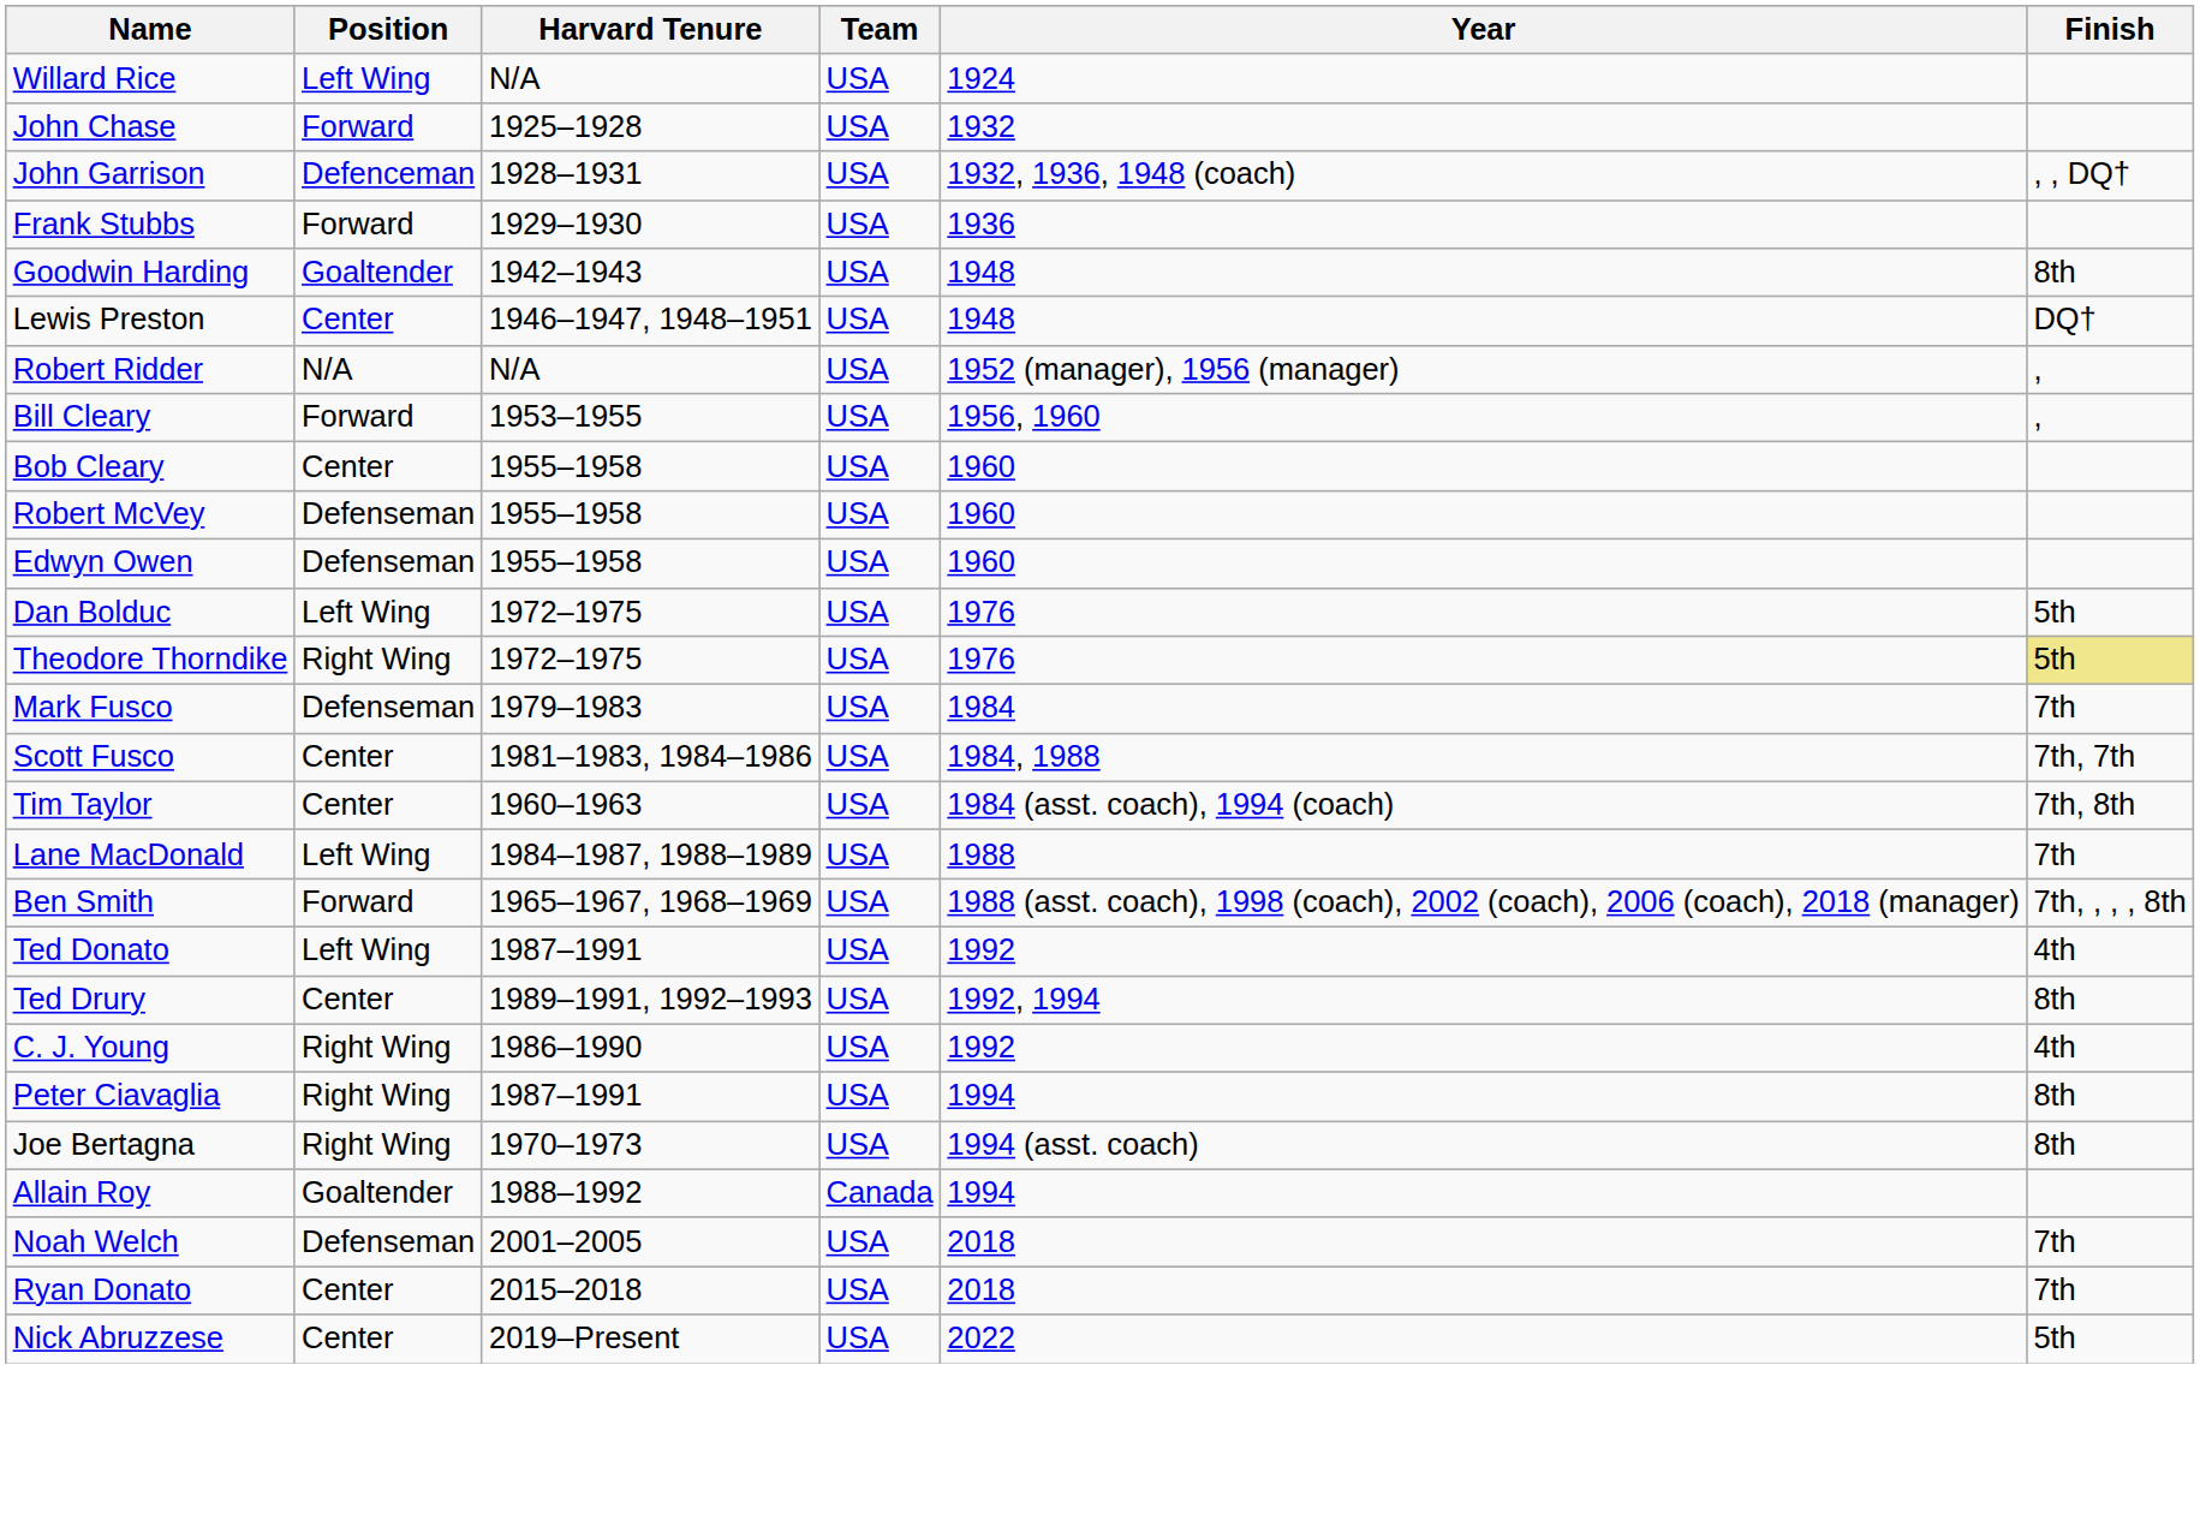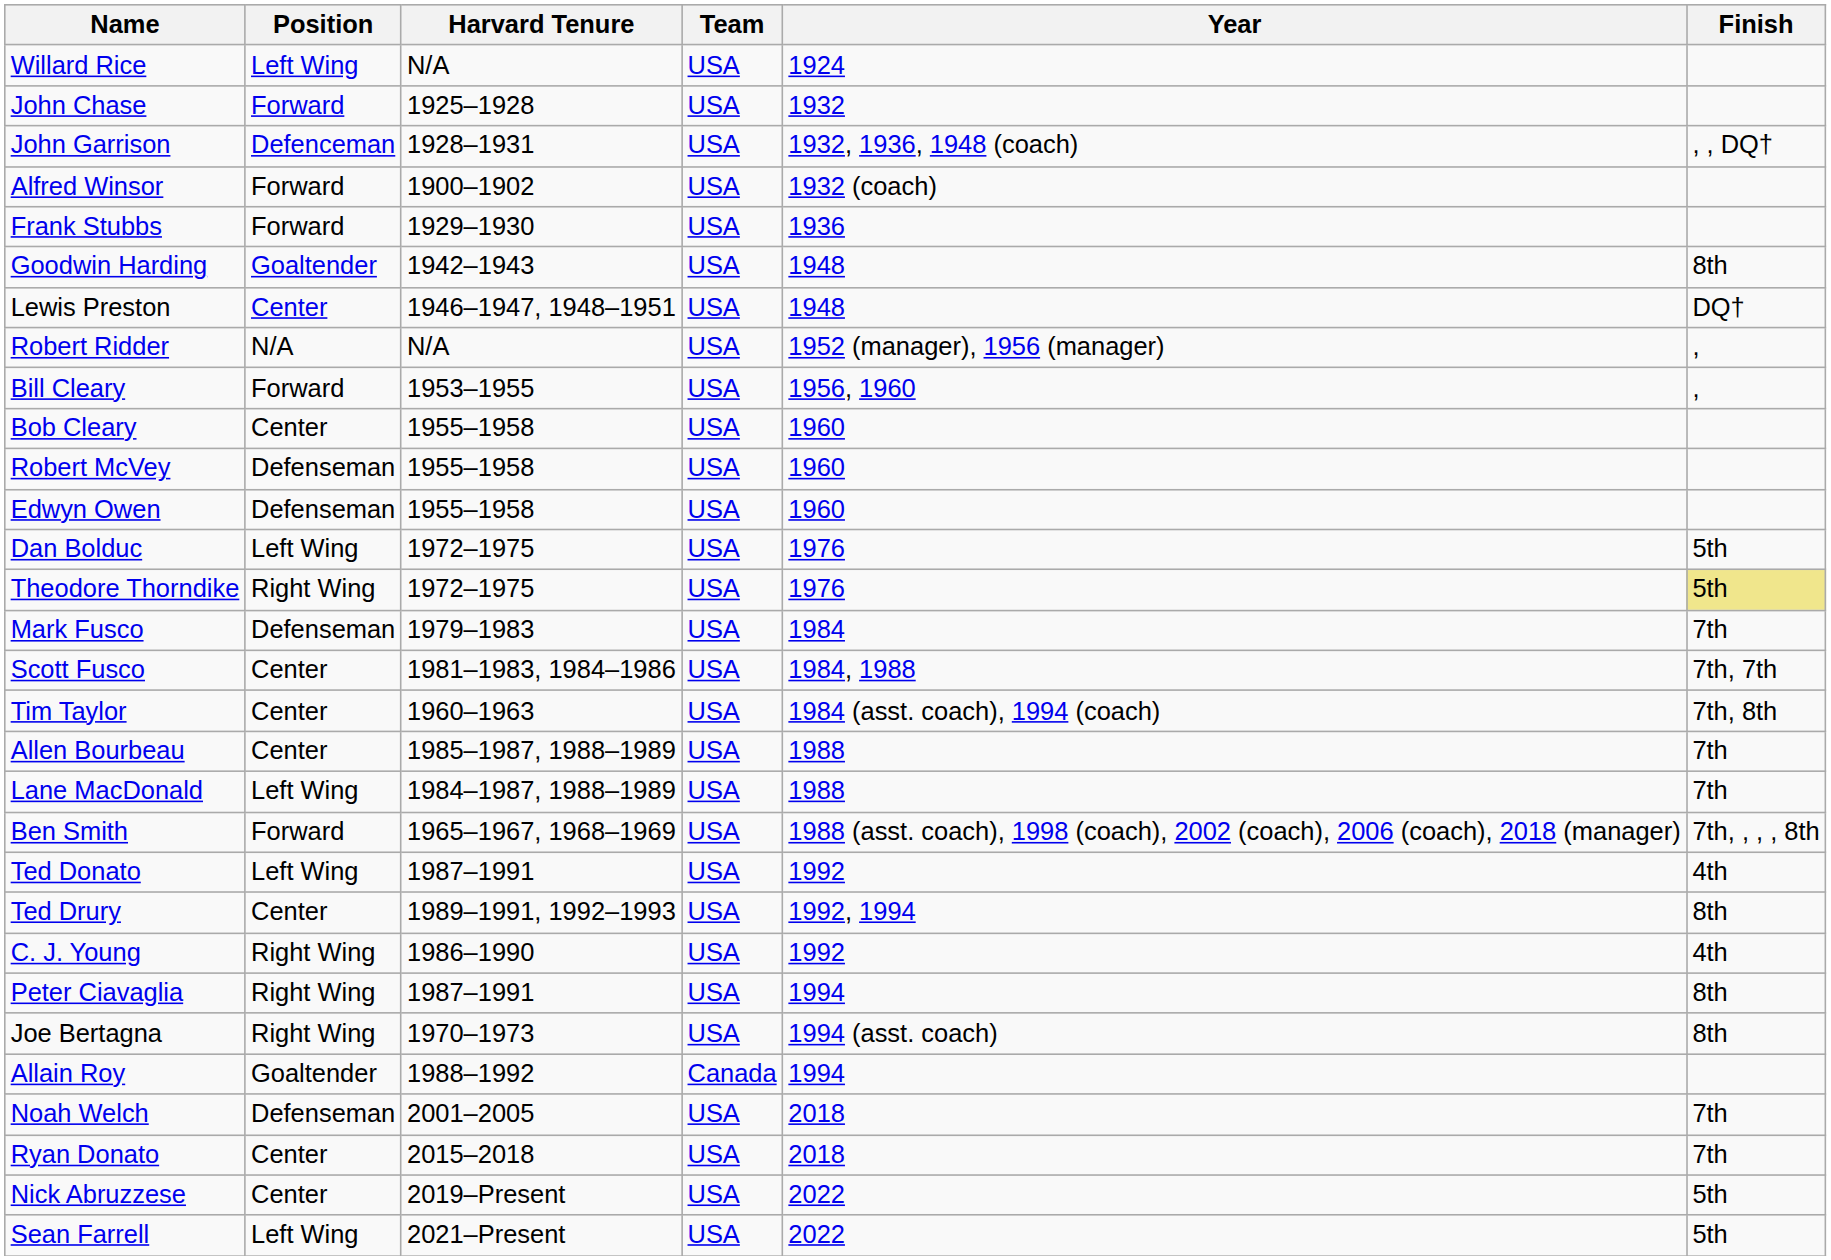 <table class= "wikitable sortable">
 <tr>
 <th>Name</th>
 <th>Position</th>
 <th>Harvard Tenure</th>
 <th>Team</th>
 <th>Year</th>
 <th>Finish</th>
 </tr>
 <tr>
 <td><a href='#'>Willard Rice</a></td>
 <td><a href='#'>Left Wing</a></td>
 <td>N/A</td>
 <td> <a href='#'>USA</a></td>
 <td><a href='#'>1924</a></td>
 <td></td>
 </tr>
 <tr>
 <td><a href='#'>John Chase</a></td>
 <td><a href='#'>Forward</a></td>
 <td>1925–1928</td>
 <td> <a href='#'>USA</a></td>
 <td><a href='#'>1932</a></td>
 <td></td>
 </tr>
 <tr>
 <td><a href='#'>John Garrison</a></td>
 <td><a href='#'>Defenceman</a></td>
 <td>1928–1931</td>
 <td> <a href='#'>USA</a></td>
 <td><a href='#'>1932</a>, <a href='#'>1936</a>, <a href='#'>1948</a> (coach)</td>
 <td>, , DQ†</td>
+</tr>
+<tr>
+<td><a href='#'>Alfred Winsor</a></td>
+<td>Forward</td>
+<td>1900–1902</td>
+<td> <a href='#'>USA</a></td>
+<td><a href='#'>1932</a> (coach)</td>
+<td></td>
 </tr>
 <tr>
 <td><a href='#'>Frank Stubbs</a></td>
 <td>Forward</td>
 <td>1929–1930</td>
 <td> <a href='#'>USA</a></td>
 <td><a href='#'>1936</a></td>
 <td></td>
 </tr>
 <tr>
 <td><a href='#'>Goodwin Harding</a></td>
 <td><a href='#'>Goaltender</a></td>
 <td>1942–1943</td>
 <td> <a href='#'>USA</a></td>
 <td><a href='#'>1948</a></td>
 <td>8th</td>
 </tr>
 <tr>
 <td>Lewis Preston</td>
 <td><a href='#'>Center</a></td>
 <td>1946–1947, 1948–1951</td>
 <td> <a href='#'>USA</a></td>
 <td><a href='#'>1948</a></td>
 <td>DQ†</td>
 </tr>
 <tr>
 <td><a href='#'>Robert Ridder</a></td>
 <td>N/A</td>
 <td>N/A</td>
 <td> <a href='#'>USA</a></td>
 <td><a href='#'>1952</a> (manager), <a href='#'>1956</a> (manager)</td>
 <td>, </td>
 </tr>
 <tr>
 <td><a href='#'>Bill Cleary</a></td>
 <td>Forward</td>
 <td>1953–1955</td>
 <td> <a href='#'>USA</a></td>
 <td><a href='#'>1956</a>, <a href='#'>1960</a></td>
 <td>, </td>
 </tr>
 <tr>
 <td><a href='#'>Bob Cleary</a></td>
 <td>Center</td>
 <td>1955–1958</td>
 <td> <a href='#'>USA</a></td>
 <td><a href='#'>1960</a></td>
 <td></td>
 </tr>
 <tr>
 <td><a href='#'>Robert McVey</a></td>
 <td>Defenseman</td>
 <td>1955–1958</td>
 <td> <a href='#'>USA</a></td>
 <td><a href='#'>1960</a></td>
 <td></td>
 </tr>
 <tr>
 <td><a href='#'>Edwyn Owen</a></td>
 <td>Defenseman</td>
 <td>1955–1958</td>
 <td> <a href='#'>USA</a></td>
 <td><a href='#'>1960</a></td>
 <td></td>
 </tr>
 <tr>
 <td><a href='#'>Dan Bolduc</a></td>
 <td>Left Wing</td>
 <td>1972–1975</td>
 <td> <a href='#'>USA</a></td>
 <td><a href='#'>1976</a></td>
 <td>5th</td>
 </tr>
 <tr>
 <td><a href='#'>Theodore Thorndike</a></td>
 <td>Right Wing</td>
 <td>1972–1975</td>
 <td> <a href='#'>USA</a></td>
 <td><a href='#'>1976</a></td>
 <td style="background: khaki;">5th</td>
 </tr>
 <tr>
 <td><a href='#'>Mark Fusco</a></td>
 <td>Defenseman</td>
 <td>1979–1983</td>
 <td> <a href='#'>USA</a></td>
 <td><a href='#'>1984</a></td>
 <td>7th</td>
 </tr>
 <tr>
 <td><a href='#'>Scott Fusco</a></td>
 <td>Center</td>
 <td>1981–1983, 1984–1986</td>
 <td> <a href='#'>USA</a></td>
 <td><a href='#'>1984</a>, <a href='#'>1988</a></td>
 <td>7th, 7th</td>
 </tr>
 <tr>
 <td><a href='#'>Tim Taylor</a></td>
 <td>Center</td>
 <td>1960–1963</td>
 <td> <a href='#'>USA</a></td>
 <td><a href='#'>1984</a> (asst. coach), <a href='#'>1994</a> (coach)</td>
 <td>7th, 8th</td>
 </tr>
 <tr>
+<td><a href='#'>Allen Bourbeau</a></td>
+<td>Center</td>
+<td>1985–1987, 1988–1989</td>
+<td> <a href='#'>USA</a></td>
+<td><a href='#'>1988</a></td>
+<td>7th</td>
+</tr>
+<tr>
 <td><a href='#'>Lane MacDonald</a></td>
 <td>Left Wing</td>
 <td>1984–1987, 1988–1989</td>
 <td> <a href='#'>USA</a></td>
 <td><a href='#'>1988</a></td>
 <td>7th</td>
 </tr>
 <tr>
 <td><a href='#'>Ben Smith</a></td>
 <td>Forward</td>
 <td>1965–1967, 1968–1969</td>
 <td> <a href='#'>USA</a></td>
 <td><a href='#'>1988</a> (asst. coach), <a href='#'>1998</a> (coach), <a href='#'>2002</a> (coach), <a href='#'>2006</a> (coach), <a href='#'>2018</a> (manager)</td>
 <td>7th, , , , 8th</td>
 </tr>
 <tr>
 <td><a href='#'>Ted Donato</a></td>
 <td>Left Wing</td>
 <td>1987–1991</td>
 <td> <a href='#'>USA</a></td>
 <td><a href='#'>1992</a></td>
 <td>4th</td>
 </tr>
 <tr>
 <td><a href='#'>Ted Drury</a></td>
 <td>Center</td>
 <td>1989–1991, 1992–1993</td>
 <td> <a href='#'>USA</a></td>
 <td><a href='#'>1992</a>, <a href='#'>1994</a></td>
 <td>8th</td>
 </tr>
 <tr>
 <td><a href='#'>C. J. Young</a></td>
 <td>Right Wing</td>
 <td>1986–1990</td>
 <td> <a href='#'>USA</a></td>
 <td><a href='#'>1992</a></td>
 <td>4th</td>
 </tr>
 <tr>
 <td><a href='#'>Peter Ciavaglia</a></td>
 <td>Right Wing</td>
 <td>1987–1991</td>
 <td> <a href='#'>USA</a></td>
 <td><a href='#'>1994</a></td>
 <td>8th</td>
 </tr>
 <tr>
 <td>Joe Bertagna</td>
 <td>Right Wing</td>
 <td>1970–1973</td>
 <td> <a href='#'>USA</a></td>
 <td><a href='#'>1994</a> (asst. coach)</td>
 <td>8th</td>
 </tr>
 <tr>
 <td><a href='#'>Allain Roy</a></td>
 <td>Goaltender</td>
 <td>1988–1992</td>
 <td> <a href='#'>Canada</a></td>
 <td><a href='#'>1994</a></td>
 <td></td>
 </tr>
 <tr>
 <td><a href='#'>Noah Welch</a></td>
 <td>Defenseman</td>
 <td>2001–2005</td>
 <td> <a href='#'>USA</a></td>
 <td><a href='#'>2018</a></td>
 <td>7th</td>
 </tr>
 <tr>
 <td><a href='#'>Ryan Donato</a></td>
 <td>Center</td>
 <td>2015–2018</td>
 <td> <a href='#'>USA</a></td>
 <td><a href='#'>2018</a></td>
 <td>7th</td>
 </tr>
 <tr>
 <td><a href='#'>Nick Abruzzese</a></td>
 <td>Center</td>
 <td>2019–Present</td>
 <td> <a href='#'>USA</a></td>
 <td><a href='#'>2022</a></td>
 <td>5th</td>
 </tr>
+<tr>
+<td><a href='#'>Sean Farrell</a></td>
+<td>Left Wing</td>
+<td>2021–Present</td>
+<td> <a href='#'>USA</a></td>
+<td><a href='#'>2022</a></td>
+<td>5th</td>
+</tr>
 </table>
